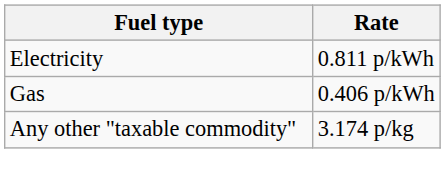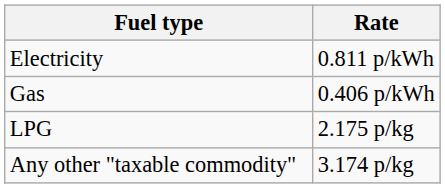 <table class="wikitable" style="display: inline-table">
 <tr>
 <th>Fuel type</th>
 <th>Rate</th>
 </tr>
 <tr>
 <td>Electricity</td>
 <td>0.811 p/kWh</td>
 </tr>
 <tr>
 <td>Gas</td>
 <td>0.406 p/kWh</td>
 </tr>
 <tr>
+<td>LPG</td>
+<td>2.175 p/kg</td>
+</tr>
+<tr>
 <td>Any other "taxable commodity"  </td>
 <td>3.174 p/kg</td>
 </tr>
 </table>
